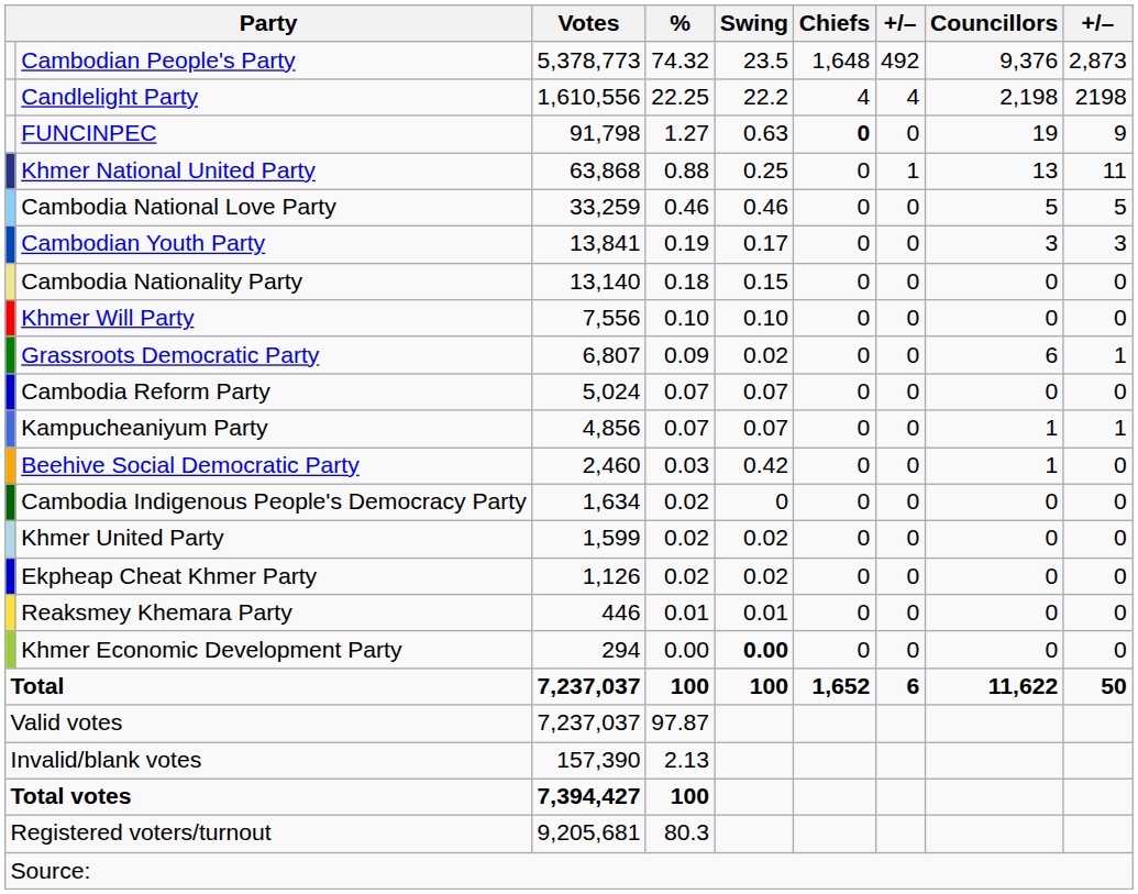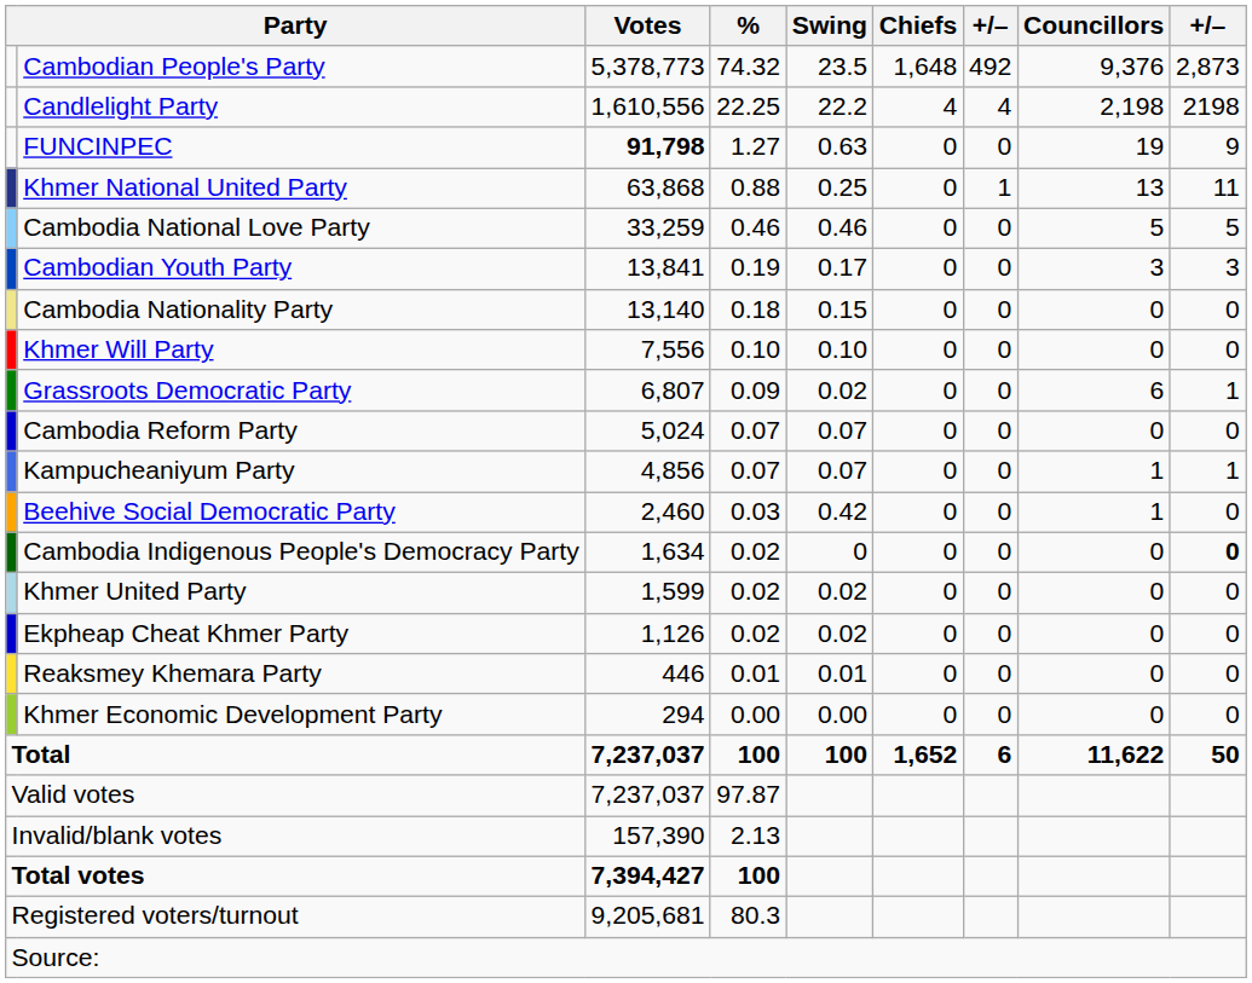 <table class=wikitable style=text-align:right>
 <tr>
 <th colspan=2>Party</th>
 <th>Votes</th>
 <th>%</th>
 <th>Swing</th>
 <th>Chiefs</th>
 <th>+/–</th>
 <th>Councillors</th>
 <th>+/–</th>
 </tr>
 <tr>
 <td></td>
 <td align=left><a href='#'>Cambodian People's Party</a></td>
 <td>5,378,773</td>
 <td>74.32</td>
 <td>   23.5</td>
 <td>1,648</td>
 <td> 492</td>
 <td>9,376</td>
 <td> 2,873</td>
 </tr>
 <tr>
 <td></td>
 <td align=left><a href='#'>Candlelight Party</a></td>
 <td>1,610,556</td>
 <td>22.25</td>
 <td>   22.2</td>
 <td>4</td>
 <td> 4</td>
 <td>2,198</td>
 <td> 2198</td>
 </tr>
 <tr>
 <td></td>
 <td align=left><a href='#'>FUNCINPEC</a></td>
-<td>91,798</td>
+<td><strong>91,798</strong></td>
 <td>1.27</td>
 <td>  0.63</td>
-<td><strong>0</strong></td>
+<td>0</td>
 <td>0</td>
 <td>19</td>
 <td> 9</td>
 </tr>
 <tr>
 <td bgcolor=#253285></td>
 <td align=left><a href='#'>Khmer National United Party</a></td>
 <td>63,868</td>
 <td>0.88</td>
 <td>  0.25</td>
 <td>0</td>
 <td>  1</td>
 <td>13</td>
 <td> 11</td>
 </tr>
 <tr>
 <td bgcolor=#87CEFA></td>
 <td align=left>Cambodia National Love Party</td>
 <td>33,259</td>
 <td>0.46</td>
 <td>   0.46</td>
 <td>0</td>
 <td>0</td>
 <td>5</td>
 <td> 5</td>
 </tr>
 <tr>
 <td bgcolor=#0045bc></td>
 <td align=left><a href='#'>Cambodian Youth Party</a></td>
 <td>13,841</td>
 <td>0.19</td>
 <td>   0.17</td>
 <td>0</td>
 <td>0</td>
 <td>3</td>
 <td> 3</td>
 </tr>
 <tr>
 <td bgcolor=#F0E68C></td>
 <td align=left>Cambodia Nationality Party</td>
 <td>13,140</td>
 <td>0.18</td>
 <td>   0.15</td>
 <td>0</td>
 <td>0</td>
 <td>0</td>
 <td>0</td>
 </tr>
 <tr>
 <td bgcolor=red></td>
 <td align=left><a href='#'>Khmer Will Party</a></td>
 <td>7,556</td>
 <td>0.10</td>
 <td>   0.10</td>
 <td>0</td>
 <td>0</td>
 <td>0</td>
 <td>0</td>
 </tr>
 <tr>
 <td bgcolor=green></td>
 <td align=left><a href='#'>Grassroots Democratic Party</a></td>
 <td>6,807</td>
 <td>0.09</td>
 <td>   0.02</td>
 <td>0</td>
 <td>0</td>
 <td>6</td>
 <td> 1</td>
 </tr>
 <tr>
 <td bgcolor=mediumblue></td>
 <td align=left>Cambodia Reform Party</td>
 <td>5,024</td>
 <td>0.07</td>
 <td>   0.07</td>
 <td>0</td>
 <td>0</td>
 <td>0</td>
 <td>0</td>
 </tr>
 <tr>
 <td bgcolor=#4169E1></td>
 <td align=left>Kampucheaniyum Party</td>
 <td>4,856</td>
 <td>0.07</td>
 <td>   0.07</td>
 <td>0</td>
 <td>0</td>
 <td>1</td>
 <td> 1</td>
 </tr>
 <tr>
 <td bgcolor=orange></td>
 <td align=left><a href='#'>Beehive Social Democratic Party</a></td>
 <td>2,460</td>
 <td>0.03</td>
 <td>  0.42</td>
 <td>0</td>
 <td>0</td>
 <td>1</td>
 <td>0</td>
 </tr>
 <tr>
 <td bgcolor=#006400></td>
 <td align=left>Cambodia Indigenous People's Democracy Party</td>
 <td>1,634</td>
 <td>0.02</td>
 <td> 0</td>
 <td>0</td>
 <td>0</td>
 <td>0</td>
-<td>0</td>
+<td><strong>0</strong></td>
 </tr>
 <tr>
 <td bgcolor=#ADD8E6></td>
 <td align=left>Khmer United Party</td>
 <td>1,599</td>
 <td>0.02</td>
 <td>   0.02</td>
 <td>0</td>
 <td>0</td>
 <td>0</td>
 <td>0</td>
 </tr>
 <tr>
 <td bgcolor=#0000cd></td>
 <td align=left>Ekpheap Cheat Khmer Party</td>
 <td>1,126</td>
 <td>0.02</td>
 <td>   0.02</td>
 <td>0</td>
 <td>0</td>
 <td>0</td>
 <td>0</td>
 </tr>
 <tr>
 <td bgcolor=#ffe135></td>
 <td align=left>Reaksmey Khemara Party</td>
 <td>446</td>
 <td>0.01</td>
 <td>   0.01</td>
 <td>0</td>
 <td>0</td>
 <td>0</td>
 <td>0</td>
 </tr>
 <tr>
 <td bgcolor=#9acd32></td>
 <td align=left>Khmer Economic Development Party</td>
 <td>294</td>
 <td>0.00</td>
-<td><strong>   0.00</strong></td>
+<td>   0.00</td>
 <td>0</td>
 <td>0</td>
 <td>0</td>
 <td>0</td>
 </tr>
 <tr>
 <td style="text-align:left;" colspan="2"><strong>Total</strong></td>
 <td><strong>7,237,037</strong></td>
 <td><strong>100</strong></td>
 <td><strong>100</strong></td>
 <td><strong>1,652</strong></td>
 <td> <strong>6</strong></td>
 <td><strong>11,622</strong></td>
 <td> <strong>50</strong></td>
 </tr>
 <tr>
 <td style="text-align:left;" colspan="2">Valid votes</td>
 <td>7,237,037</td>
 <td> 97.87</td>
 <td></td>
 <td></td>
 <td></td>
 <td></td>
 <td></td>
 </tr>
 <tr>
 <td style="text-align:left;" colspan="2">Invalid/blank votes</td>
 <td>157,390</td>
 <td> 2.13</td>
 <td></td>
 <td></td>
 <td></td>
 <td></td>
 <td></td>
 </tr>
 <tr>
 <td style="text-align:left;" colspan="2"><strong>Total votes</strong></td>
 <td> <strong>7,394,427</strong></td>
 <td><strong>100</strong></td>
 <td></td>
 <td></td>
 <td></td>
 <td></td>
 <td></td>
 </tr>
 <tr>
 <td style="text-align:left;" colspan="2">Registered voters/turnout</td>
 <td> 9,205,681</td>
 <td> 80.3</td>
 <td></td>
 <td></td>
 <td></td>
 <td></td>
 <td></td>
 </tr>
 <tr>
 <td style="text-align:left;" colspan="9">Source: </td>
 </tr>
 </table>
